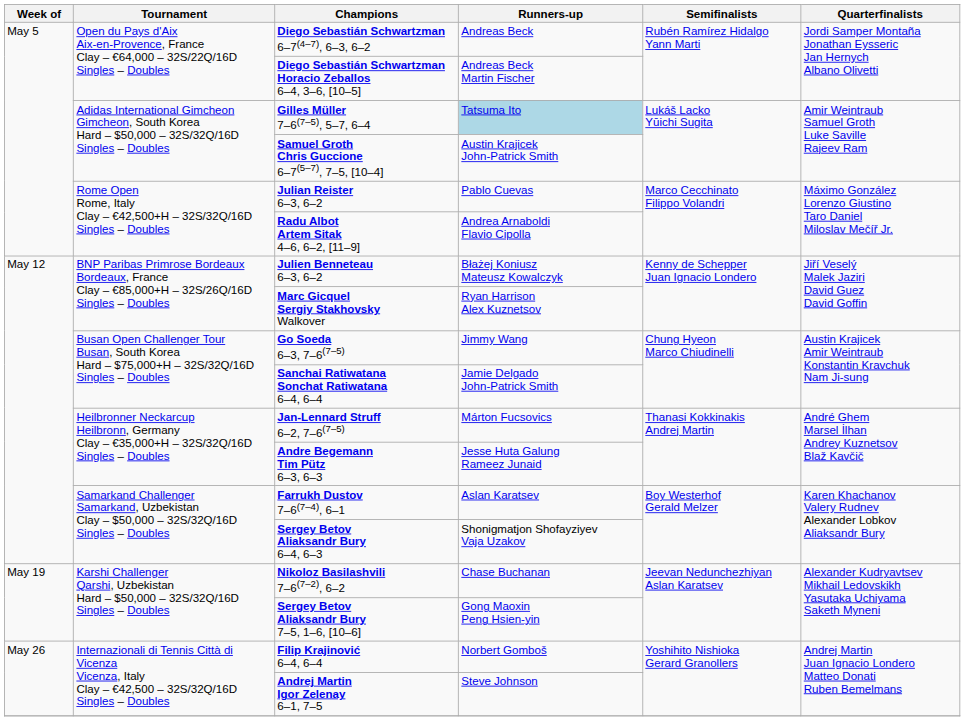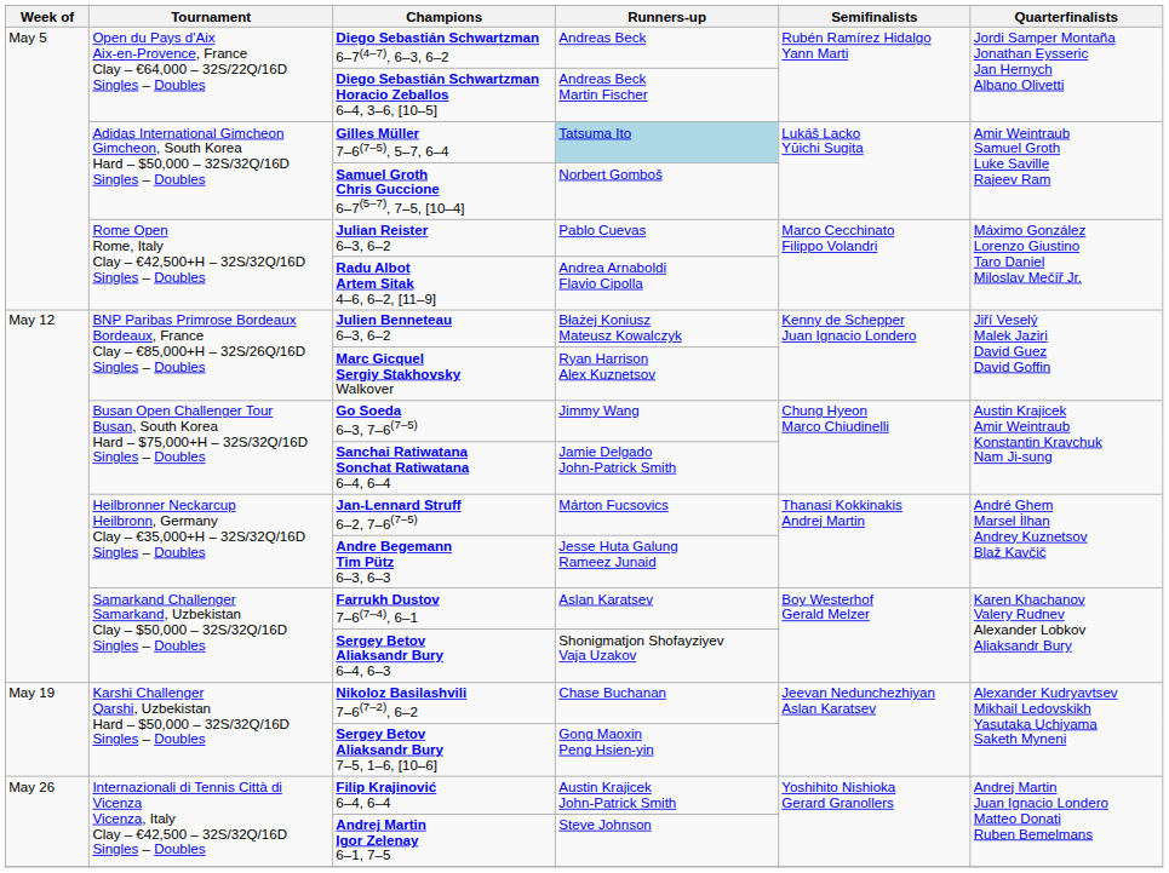 <table class="wikitable" style="font-size:85%;">
 <tr>
 <th width="75">Week of</th>
 <th width="230">Tournament</th>
 <th width="210">Champions</th>
 <th width="210">Runners-up</th>
 <th width="180">Semifinalists</th>
 <th width="180">Quarterfinalists</th>
 </tr>
 <tr valign=top>
 <td rowspan=6>May 5</td>
 <td rowspan=2><a href='#'>Open du Pays d'Aix</a><br><a href='#'>Aix-en-Provence</a>, France<br>Clay – €64,000 – 32S/22Q/16D<br> <a href='#'>Singles</a> – <a href='#'>Doubles</a></td>
 <td> <strong><a href='#'>Diego Sebastián Schwartzman</a></strong><br>6–7<sup>(4–7)</sup>, 6–3, 6–2</td>
 <td> <a href='#'>Andreas Beck</a></td>
 <td rowspan=2> <a href='#'>Rubén Ramírez Hidalgo</a><br>  <a href='#'>Yann Marti</a></td>
 <td rowspan=2> <a href='#'>Jordi Samper Montaña</a> <br> <a href='#'>Jonathan Eysseric</a> <br> <a href='#'>Jan Hernych</a><br>  <a href='#'>Albano Olivetti</a></td>
 </tr>
 <tr valign=top>
 <td> <strong><a href='#'>Diego Sebastián Schwartzman</a></strong><br> <strong><a href='#'>Horacio Zeballos</a></strong><br>6–4, 3–6, [10–5]</td>
 <td> <a href='#'>Andreas Beck</a><br> <a href='#'>Martin Fischer</a></td>
 </tr>
 <tr valign=top>
 <td rowspan=2><a href='#'>Adidas International Gimcheon</a><br><a href='#'>Gimcheon</a>, South Korea<br>Hard – $50,000 – 32S/32Q/16D<br> <a href='#'>Singles</a> – <a href='#'>Doubles</a></td>
 <td> <strong><a href='#'>Gilles Müller</a></strong><br>7–6<sup>(7–5)</sup>, 5–7, 6–4</td>
 <td style="background: lightblue;"> <a href='#'>Tatsuma Ito</a></td>
 <td rowspan=2> <a href='#'>Lukáš Lacko</a> <br>  <a href='#'>Yūichi Sugita</a></td>
 <td rowspan=2> <a href='#'>Amir Weintraub</a> <br> <a href='#'>Samuel Groth</a><br> <a href='#'>Luke Saville</a> <br> <a href='#'>Rajeev Ram</a></td>
 </tr>
 <tr valign=top>
 <td> <strong><a href='#'>Samuel Groth</a></strong><br> <strong><a href='#'>Chris Guccione</a></strong><br>6–7<sup>(5–7)</sup>, 7–5, [10–4]</td>
-<td> <a href='#'>Austin Krajicek</a><br> <a href='#'>John-Patrick Smith</a></td>
+<td> <a href='#'>Norbert Gomboš</a></td>
 </tr>
 <tr valign=top>
 <td rowspan=2><a href='#'>Rome Open</a><br>Rome, Italy<br>Clay – €42,500+H – 32S/32Q/16D<br> <a href='#'>Singles</a> – <a href='#'>Doubles</a></td>
 <td> <strong><a href='#'>Julian Reister</a></strong><br>6–3, 6–2</td>
 <td> <a href='#'>Pablo Cuevas</a></td>
 <td rowspan=2> <a href='#'>Marco Cecchinato</a><br>  <a href='#'>Filippo Volandri</a></td>
 <td rowspan=2> <a href='#'>Máximo González</a> <br> <a href='#'>Lorenzo Giustino</a> <br> <a href='#'>Taro Daniel</a> <br>  <a href='#'>Miloslav Mečíř Jr.</a></td>
 </tr>
 <tr valign=top>
 <td> <strong><a href='#'>Radu Albot</a></strong><br> <strong><a href='#'>Artem Sitak</a></strong><br>4–6, 6–2, [11–9]</td>
 <td> <a href='#'>Andrea Arnaboldi</a> <br> <a href='#'>Flavio Cipolla</a></td>
 </tr>
 <tr valign=top>
 <td rowspan=8>May 12</td>
 <td rowspan=2><a href='#'>BNP Paribas Primrose Bordeaux</a><br><a href='#'>Bordeaux</a>, France<br>Clay – €85,000+H – 32S/26Q/16D<br> <a href='#'>Singles</a> – <a href='#'>Doubles</a></td>
 <td> <strong><a href='#'>Julien Benneteau</a></strong><br>6–3, 6–2</td>
 <td> <a href='#'>Błażej Koniusz</a><br> <a href='#'>Mateusz Kowalczyk</a></td>
 <td rowspan=2> <a href='#'>Kenny de Schepper</a> <br>  <a href='#'>Juan Ignacio Londero</a></td>
 <td rowspan=2> <a href='#'>Jiří Veselý</a> <br> <a href='#'>Malek Jaziri</a> <br> <a href='#'>David Guez</a><br>  <a href='#'>David Goffin</a></td>
 </tr>
 <tr valign=top>
 <td> <strong><a href='#'>Marc Gicquel</a></strong><br> <strong><a href='#'>Sergiy Stakhovsky</a></strong><br>Walkover</td>
 <td> <a href='#'>Ryan Harrison</a><br> <a href='#'>Alex Kuznetsov</a></td>
 </tr>
 <tr valign=top>
 <td rowspan=2><a href='#'>Busan Open Challenger Tour</a><br><a href='#'>Busan</a>, South Korea<br>Hard – $75,000+H – 32S/32Q/16D<br> <a href='#'>Singles</a> – <a href='#'>Doubles</a></td>
 <td> <strong><a href='#'>Go Soeda</a></strong><br>6–3, 7–6<sup>(7–5)</sup></td>
 <td> <a href='#'>Jimmy Wang</a></td>
 <td rowspan=2> <a href='#'>Chung Hyeon</a> <br>  <a href='#'>Marco Chiudinelli</a></td>
 <td rowspan=2> <a href='#'>Austin Krajicek</a> <br> <a href='#'>Amir Weintraub</a> <br> <a href='#'>Konstantin Kravchuk</a> <br>  <a href='#'>Nam Ji-sung</a></td>
 </tr>
 <tr valign=top>
 <td> <strong><a href='#'>Sanchai Ratiwatana</a></strong><br> <strong><a href='#'>Sonchat Ratiwatana</a></strong><br>6–4, 6–4</td>
 <td> <a href='#'>Jamie Delgado</a><br> <a href='#'>John-Patrick Smith</a></td>
 </tr>
 <tr valign=top>
 <td rowspan=2><a href='#'>Heilbronner Neckarcup</a><br><a href='#'>Heilbronn</a>, Germany<br>Clay – €35,000+H – 32S/32Q/16D<br> <a href='#'>Singles</a> – <a href='#'>Doubles</a></td>
 <td> <strong><a href='#'>Jan-Lennard Struff</a></strong><br>6–2, 7–6<sup>(7–5)</sup></td>
 <td> <a href='#'>Márton Fucsovics</a></td>
 <td rowspan=2> <a href='#'>Thanasi Kokkinakis</a><br>  <a href='#'>Andrej Martin</a></td>
 <td rowspan=2> <a href='#'>André Ghem</a> <br> <a href='#'>Marsel İlhan</a><br> <a href='#'>Andrey Kuznetsov</a> <br>  <a href='#'>Blaž Kavčič</a></td>
 </tr>
 <tr valign=top>
 <td> <strong><a href='#'>Andre Begemann</a></strong><br> <strong><a href='#'>Tim Pütz</a></strong><br>6–3, 6–3</td>
 <td> <a href='#'>Jesse Huta Galung</a><br> <a href='#'>Rameez Junaid</a></td>
 </tr>
 <tr valign=top>
 <td rowspan=2><a href='#'>Samarkand Challenger</a><br><a href='#'>Samarkand</a>, Uzbekistan<br>Clay – $50,000 – 32S/32Q/16D<br> <a href='#'>Singles</a> – <a href='#'>Doubles</a></td>
 <td> <strong><a href='#'>Farrukh Dustov</a></strong><br>7–6<sup>(7–4)</sup>, 6–1</td>
 <td> <a href='#'>Aslan Karatsev</a></td>
 <td rowspan=2> <a href='#'>Boy Westerhof</a> <br>  <a href='#'>Gerald Melzer</a></td>
 <td rowspan=2> <a href='#'>Karen Khachanov</a> <br> <a href='#'>Valery Rudnev</a> <br> Alexander Lobkov <br>  <a href='#'>Aliaksandr Bury</a></td>
 </tr>
 <tr valign=top>
 <td> <strong><a href='#'>Sergey Betov</a></strong><br> <strong><a href='#'>Aliaksandr Bury</a></strong><br>6–4, 6–3</td>
 <td> Shonigmatjon Shofayziyev<br> <a href='#'>Vaja Uzakov</a></td>
 </tr>
 <tr valign=top>
 <td rowspan=2>May 19</td>
 <td rowspan=2><a href='#'>Karshi Challenger</a><br><a href='#'>Qarshi</a>, Uzbekistan<br>Hard – $50,000 – 32S/32Q/16D<br><a href='#'>Singles</a> – <a href='#'>Doubles</a></td>
 <td> <strong><a href='#'>Nikoloz Basilashvili</a></strong><br>7–6<sup>(7–2)</sup>, 6–2</td>
 <td> <a href='#'>Chase Buchanan</a></td>
 <td rowspan=2> <a href='#'>Jeevan Nedunchezhiyan</a> <br>  <a href='#'>Aslan Karatsev</a></td>
 <td rowspan=2> <a href='#'>Alexander Kudryavtsev</a><br> <a href='#'>Mikhail Ledovskikh</a> <br> <a href='#'>Yasutaka Uchiyama</a> <br> <a href='#'>Saketh Myneni</a></td>
 </tr>
 <tr valign=top>
 <td> <strong><a href='#'>Sergey Betov</a></strong><br> <strong><a href='#'>Aliaksandr Bury</a></strong><br>7–5, 1–6, [10–6]</td>
 <td> <a href='#'>Gong Maoxin</a><br> <a href='#'>Peng Hsien-yin</a></td>
 </tr>
 <tr valign=top>
 <td rowspan=2>May 26</td>
 <td rowspan=2><a href='#'>Internazionali di Tennis Città di Vicenza</a><br><a href='#'>Vicenza</a>, Italy<br>Clay – €42,500 – 32S/32Q/16D<br> <a href='#'>Singles</a> – <a href='#'>Doubles</a></td>
 <td> <strong><a href='#'>Filip Krajinović</a></strong><br>6–4, 6–4</td>
-<td> <a href='#'>Norbert Gomboš</a></td>
+<td> <a href='#'>Austin Krajicek</a><br> <a href='#'>John-Patrick Smith</a></td>
 <td rowspan=2> <a href='#'>Yoshihito Nishioka</a><br> <a href='#'>Gerard Granollers</a></td>
 <td rowspan=2> <a href='#'>Andrej Martin</a> <br> <a href='#'>Juan Ignacio Londero</a> <br>  <a href='#'>Matteo Donati</a> <br>  <a href='#'>Ruben Bemelmans</a></td>
 </tr>
 <tr valign=top>
 <td> <strong><a href='#'>Andrej Martin</a></strong><br> <strong><a href='#'>Igor Zelenay</a></strong><br>6–1, 7–5</td>
 <td> <a href='#'>Steve Johnson</a></td>
 </tr>
 <tr valign=top>
 </tr>
 </table>
